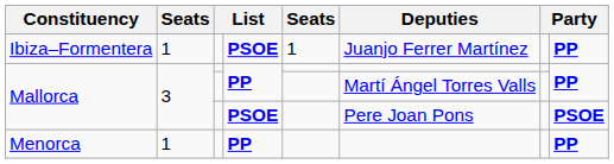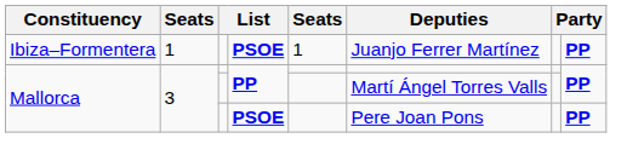 <table class="wikitable sortable">
 <tr>
 <th>Constituency</th>
 <th>Seats</th>
 <th colspan="2">List</th>
 <th>Seats</th>
 <th>Deputies</th>
 <th colspan="2">Party</th>
 </tr>
 <tr>
 <td><a href='#'>Ibiza–Formentera</a></td>
 <td>1</td>
 <td width="1"></td>
 <td><strong><a href='#'>PSOE</a></strong></td>
 <td>1</td>
 <td><a href='#'>Juanjo Ferrer Martínez</a></td>
 <td width="1"></td>
 <td><strong><a href='#'>PP</a></strong></td>
 </tr>
 <tr>
 <td rowspan="3"><a href='#'>Mallorca</a></td>
 <td rowspan="3">3</td>
 <td></td>
 <td rowspan="2"><strong><a href='#'>PP</a></strong></td>
 <td></td>
 <td></td>
 <td></td>
 <td rowspan="2"><strong><a href='#'>PP</a></strong></td>
 </tr>
 <tr>
 <td></td>
 <td></td>
 <td><a href='#'>Martí Ángel Torres Valls</a></td>
 <td></td>
 </tr>
 <tr>
 <td width="1"></td>
 <td><strong><a href='#'>PSOE</a></strong></td>
 <td></td>
 <td><a href='#'>Pere Joan Pons</a></td>
 <td width="1"></td>
-<td><strong><a href='#'>PSOE</a></strong></td>
-</tr>
-<tr>
-<td><a href='#'>Menorca</a></td>
-<td>1</td>
-<td></td>
-<td><strong><a href='#'>PP</a></strong></td>
-<td></td>
-<td></td>
-<td></td>
 <td><strong><a href='#'>PP</a></strong></td>
 </tr>
 </table>
